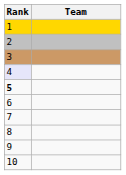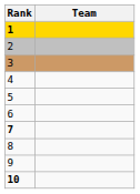 <table class=wikitable>
 <tr>
 <th width=20>Rank</th>
 <th width=120>Team</th>
 </tr>
 <tr bgcolor=gold>
-<td>1</td>
+<td><strong>1</strong></td>
 <td></td>
 </tr>
 <tr bgcolor=silver>
 <td>2</td>
 <td></td>
 </tr>
 <tr bgcolor=#c96>
 <td>3</td>
 <td></td>
 </tr>
 <tr>
-<td style="background: lavender;">4</td>
+<td>4</td>
 <td></td>
 </tr>
 <tr>
-<td><strong>5</strong></td>
+<td>5</td>
 <td></td>
 </tr>
 <tr>
 <td>6</td>
 <td></td>
 </tr>
 <tr>
-<td>7</td>
+<td><strong>7</strong></td>
 <td></td>
 </tr>
 <tr>
 <td>8</td>
 <td></td>
 </tr>
 <tr>
 <td>9</td>
 <td></td>
 </tr>
 <tr>
-<td>10</td>
+<td><strong>10</strong></td>
 <td></td>
 </tr>
 </table>
